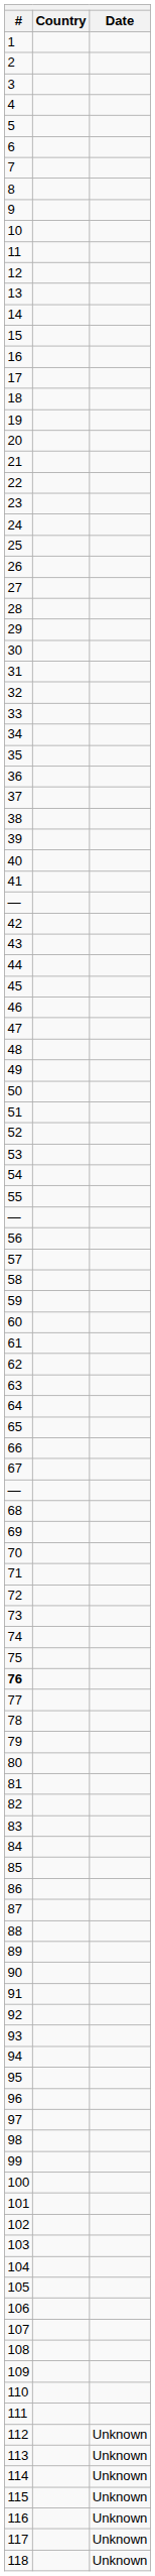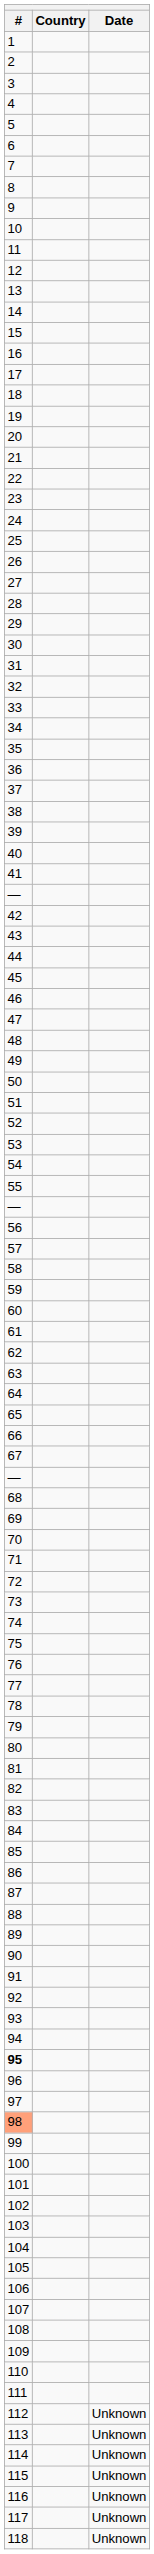 <table class="wikitable sortable">
 <tr>
 <th colspan="3"></th>
 </tr>
 <tr>
 <th>#</th>
 <th>Country</th>
 <th>Date</th>
 </tr>
 <tr>
 <td>1</td>
 <td></td>
 <td></td>
 </tr>
 <tr>
 <td>2</td>
 <td></td>
 <td></td>
 </tr>
 <tr>
 <td>3</td>
 <td></td>
 <td></td>
 </tr>
 <tr>
 <td>4</td>
 <td></td>
 <td></td>
 </tr>
 <tr>
 <td>5</td>
 <td></td>
 <td></td>
 </tr>
 <tr>
 <td>6</td>
 <td></td>
 <td></td>
 </tr>
 <tr>
 <td>7</td>
 <td></td>
 <td></td>
 </tr>
 <tr>
 <td>8</td>
 <td></td>
 <td></td>
 </tr>
 <tr>
 <td>9</td>
 <td></td>
 <td></td>
 </tr>
 <tr>
 <td>10</td>
 <td></td>
 <td></td>
 </tr>
 <tr>
 <td>11</td>
 <td></td>
 <td></td>
 </tr>
 <tr>
 <td>12</td>
 <td></td>
 <td></td>
 </tr>
 <tr>
 <td>13</td>
 <td></td>
 <td></td>
 </tr>
 <tr>
 <td>14</td>
 <td></td>
 <td></td>
 </tr>
 <tr>
 <td>15</td>
 <td></td>
 <td></td>
 </tr>
 <tr>
 <td>16</td>
 <td></td>
 <td></td>
 </tr>
 <tr>
 <td>17</td>
 <td></td>
 <td></td>
 </tr>
 <tr>
 <td>18</td>
 <td></td>
 <td></td>
 </tr>
 <tr>
 <td>19</td>
 <td></td>
 <td></td>
 </tr>
 <tr>
 <td>20</td>
 <td></td>
 <td></td>
 </tr>
 <tr>
 <td>21</td>
 <td></td>
 <td></td>
 </tr>
 <tr>
 <td>22</td>
 <td></td>
 <td></td>
 </tr>
 <tr>
 <td>23</td>
 <td></td>
 <td></td>
 </tr>
 <tr>
 <td>24</td>
 <td></td>
 <td></td>
 </tr>
 <tr>
 <td>25</td>
 <td></td>
 <td></td>
 </tr>
 <tr>
 <td>26</td>
 <td></td>
 <td></td>
 </tr>
 <tr>
 <td>27</td>
 <td></td>
 <td></td>
 </tr>
 <tr>
 <td>28</td>
 <td></td>
 <td></td>
 </tr>
 <tr>
 <td>29</td>
 <td></td>
 <td></td>
 </tr>
 <tr>
 <td>30</td>
 <td></td>
 <td></td>
 </tr>
 <tr>
 <td>31</td>
 <td></td>
 <td></td>
 </tr>
 <tr>
 <td>32</td>
 <td></td>
 <td></td>
 </tr>
 <tr>
 <td>33</td>
 <td></td>
 <td></td>
 </tr>
 <tr>
 <td>34</td>
 <td></td>
 <td></td>
 </tr>
 <tr>
 <td>35</td>
 <td></td>
 <td></td>
 </tr>
 <tr>
 <td>36</td>
 <td></td>
 <td></td>
 </tr>
 <tr>
 <td>37</td>
 <td></td>
 <td></td>
 </tr>
 <tr>
 <td>38</td>
 <td></td>
 <td></td>
 </tr>
 <tr>
 <td>39</td>
 <td></td>
 <td></td>
 </tr>
 <tr>
 <td>40</td>
 <td></td>
 <td></td>
 </tr>
 <tr>
 <td>41</td>
 <td></td>
 <td></td>
 </tr>
 <tr>
 <td>—</td>
 <td></td>
 <td></td>
 </tr>
 <tr>
 <td>42</td>
 <td></td>
 <td></td>
 </tr>
 <tr>
 <td>43</td>
 <td></td>
 <td></td>
 </tr>
 <tr>
 <td>44</td>
 <td></td>
 <td></td>
 </tr>
 <tr>
 <td>45</td>
 <td></td>
 <td></td>
 </tr>
 <tr>
 <td>46</td>
 <td></td>
 <td></td>
 </tr>
 <tr>
 <td>47</td>
 <td></td>
 <td></td>
 </tr>
 <tr>
 <td>48</td>
 <td></td>
 <td></td>
 </tr>
 <tr>
 <td>49</td>
 <td></td>
 <td></td>
 </tr>
 <tr>
 <td>50</td>
 <td></td>
 <td></td>
 </tr>
 <tr>
 <td>51</td>
 <td></td>
 <td></td>
 </tr>
 <tr>
 <td>52</td>
 <td></td>
 <td></td>
 </tr>
 <tr>
 <td>53</td>
 <td></td>
 <td></td>
 </tr>
 <tr>
 <td>54</td>
 <td></td>
 <td></td>
 </tr>
 <tr>
 <td>55</td>
 <td></td>
 <td></td>
 </tr>
 <tr>
 <td>—</td>
 <td></td>
 <td></td>
 </tr>
 <tr>
 <td>56</td>
 <td></td>
 <td></td>
 </tr>
 <tr>
 <td>57</td>
 <td></td>
 <td></td>
 </tr>
 <tr>
 <td>58</td>
 <td></td>
 <td></td>
 </tr>
 <tr>
 <td>59</td>
 <td></td>
 <td></td>
 </tr>
 <tr>
 <td>60</td>
 <td></td>
 <td></td>
 </tr>
 <tr>
 <td>61</td>
 <td></td>
 <td></td>
 </tr>
 <tr>
 <td>62</td>
 <td></td>
 <td></td>
 </tr>
 <tr>
 <td>63</td>
 <td></td>
 <td></td>
 </tr>
 <tr>
 <td>64</td>
 <td></td>
 <td></td>
 </tr>
 <tr>
 <td>65</td>
 <td></td>
 <td></td>
 </tr>
 <tr>
 <td>66</td>
 <td></td>
 <td></td>
 </tr>
 <tr>
 <td>67</td>
 <td></td>
 <td></td>
 </tr>
 <tr>
 <td>—</td>
 <td></td>
 <td></td>
 </tr>
 <tr>
 <td>68</td>
 <td></td>
 <td></td>
 </tr>
 <tr>
 <td>69</td>
 <td></td>
 <td></td>
 </tr>
 <tr>
 <td>70</td>
 <td></td>
 <td></td>
 </tr>
 <tr>
 <td>71</td>
 <td></td>
 <td></td>
 </tr>
 <tr>
 <td>72</td>
 <td></td>
 <td></td>
 </tr>
 <tr>
 <td>73</td>
 <td></td>
 <td></td>
 </tr>
 <tr>
 <td>74</td>
 <td></td>
 <td></td>
 </tr>
 <tr>
 <td>75</td>
 <td></td>
 <td></td>
 </tr>
 <tr>
-<td><strong>76</strong></td>
+<td>76</td>
 <td></td>
 <td></td>
 </tr>
 <tr>
 <td>77</td>
 <td></td>
 <td></td>
 </tr>
 <tr>
 <td>78</td>
 <td></td>
 <td></td>
 </tr>
 <tr>
 <td>79</td>
 <td></td>
 <td></td>
 </tr>
 <tr>
 <td>80</td>
 <td></td>
 <td></td>
 </tr>
 <tr>
 <td>81</td>
 <td></td>
 <td></td>
 </tr>
 <tr>
 <td>82</td>
 <td></td>
 <td></td>
 </tr>
 <tr>
 <td>83</td>
 <td></td>
 <td></td>
 </tr>
 <tr>
 <td>84</td>
 <td></td>
 <td></td>
 </tr>
 <tr>
 <td>85</td>
 <td></td>
 <td></td>
 </tr>
 <tr>
 <td>86</td>
 <td></td>
 <td></td>
 </tr>
 <tr>
 <td>87</td>
 <td></td>
 <td></td>
 </tr>
 <tr>
 <td>88</td>
 <td></td>
 <td></td>
 </tr>
 <tr>
 <td>89</td>
 <td></td>
 <td></td>
 </tr>
 <tr>
 <td>90</td>
 <td></td>
 <td></td>
 </tr>
 <tr>
 <td>91</td>
 <td></td>
 <td></td>
 </tr>
 <tr>
 <td>92</td>
 <td></td>
 <td></td>
 </tr>
 <tr>
 <td>93</td>
 <td></td>
 <td></td>
 </tr>
 <tr>
 <td>94</td>
 <td></td>
 <td></td>
 </tr>
 <tr>
-<td>95</td>
+<td><strong>95</strong></td>
 <td></td>
 <td></td>
 </tr>
 <tr>
 <td>96</td>
 <td></td>
 <td></td>
 </tr>
 <tr>
 <td>97</td>
 <td></td>
 <td></td>
 </tr>
 <tr>
-<td>98</td>
+<td style="background: lightsalmon;">98</td>
 <td></td>
 <td></td>
 </tr>
 <tr>
 <td>99</td>
 <td></td>
 <td></td>
 </tr>
 <tr>
 <td>100</td>
 <td></td>
 <td></td>
 </tr>
 <tr>
 <td>101</td>
 <td></td>
 <td></td>
 </tr>
 <tr>
 <td>102</td>
 <td></td>
 <td></td>
 </tr>
 <tr>
 <td>103</td>
 <td></td>
 <td></td>
 </tr>
 <tr>
 <td>104</td>
 <td></td>
 <td></td>
 </tr>
 <tr>
 <td>105</td>
 <td></td>
 <td></td>
 </tr>
 <tr>
 <td>106</td>
 <td></td>
 <td></td>
 </tr>
 <tr>
 <td>107</td>
 <td></td>
 <td></td>
 </tr>
 <tr>
 <td>108</td>
 <td></td>
 <td></td>
 </tr>
 <tr>
 <td>109</td>
 <td></td>
 <td></td>
 </tr>
 <tr>
 <td>110</td>
 <td></td>
 <td></td>
 </tr>
 <tr>
 <td>111</td>
 <td></td>
 <td></td>
 </tr>
 <tr>
 <td>112</td>
 <td></td>
 <td>Unknown</td>
 </tr>
 <tr>
 <td>113</td>
 <td></td>
 <td>Unknown</td>
 </tr>
 <tr>
 <td>114</td>
 <td></td>
 <td>Unknown</td>
 </tr>
 <tr>
 <td>115</td>
 <td></td>
 <td>Unknown</td>
 </tr>
 <tr>
 <td>116</td>
 <td></td>
 <td>Unknown</td>
 </tr>
 <tr>
 <td>117</td>
 <td></td>
 <td>Unknown</td>
 </tr>
 <tr>
 <td>118</td>
 <td></td>
 <td>Unknown</td>
 </tr>
 </table>
